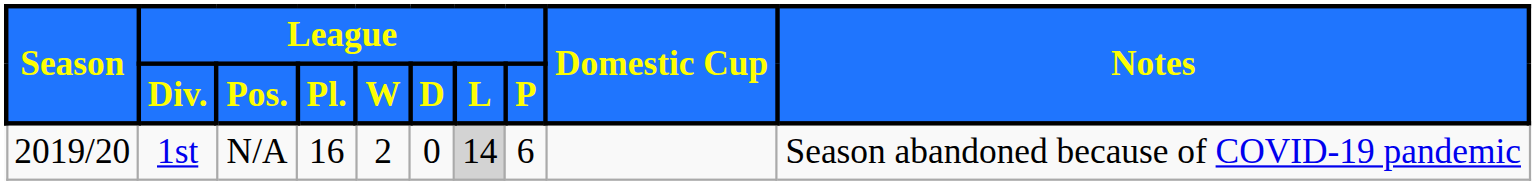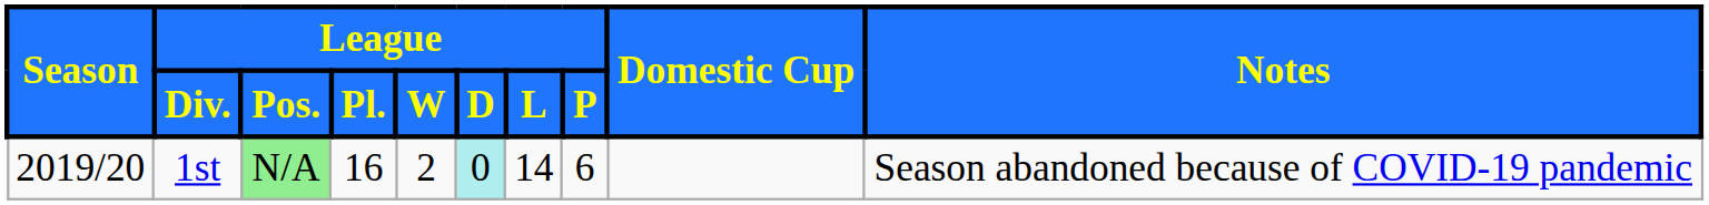 <table class="wikitable">
 <tr style="background:#FDFD07;">
 <th rowspan="2" ! style="background:#1F75FE; color:#FDFE03; border:2px solid #000;" scope="col">Season</th>
 <th colspan="7" ! style="background:#1F75FE; color:#FDFE03; border:2px solid #000;" scope="col">League</th>
 <th rowspan="2" ! style="background:#1F75FE; color:#FDFE03; border:2px solid #000;" scope="col">Domestic Cup</th>
 <th rowspan="2" ! style="background:#1F75FE; color:#FDFE03; border:2px solid #000;" scope="col">Notes</th>
 </tr>
 <tr>
 <th style="background:#1F75FE; color:#FDFE03; border:2px solid #000;" scope="col">Div.</th>
 <th style="background:#1F75FE; color:#FDFE03; border:2px solid #000;" scope="col">Pos.</th>
 <th style="background:#1F75FE; color:#FDFE03; border:2px solid #000;" scope="col">Pl.</th>
 <th style="background:#1F75FE; color:#FDFE03; border:2px solid #000;" scope="col">W</th>
 <th style="background:#1F75FE; color:#FDFE03; border:2px solid #000;" scope="col">D</th>
 <th style="background:#1F75FE; color:#FDFE03; border:2px solid #000;" scope="col">L</th>
 <th style="background:#1F75FE; color:#FDFE03; border:2px solid #000;" scope="col">P</th>
 </tr>
 <tr>
 <td align=center>2019/20</td>
 <td align=center><a href='#'>1st</a></td>
-<td style="text-align:center; ">N/A</td>
+<td style="background: lightgreen; text-align:center; ">N/A</td>
 <td align=center>16</td>
 <td align=center>2</td>
-<td align=center>0</td>
-<td align=center style="background: lightgrey;">14</td>
+<td align=center style="background: paleturquoise;">0</td>
+<td align=center>14</td>
 <td align=center>6</td>
 <td align=center></td>
 <td>Season abandoned because of <a href='#'>COVID-19 pandemic</a></td>
 </tr>
 </table>
